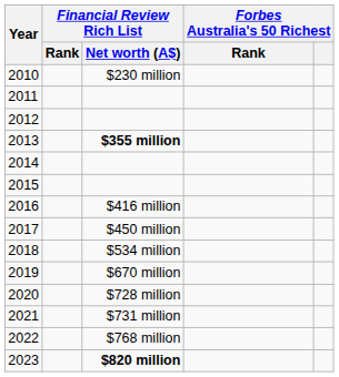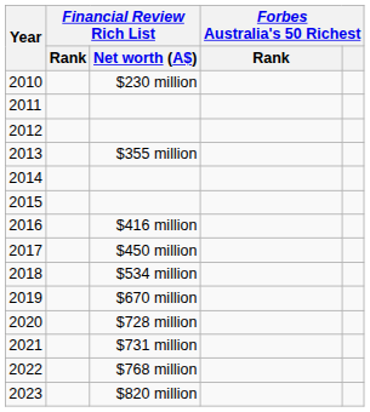 <table class="wikitable">
 <tr>
 <th rowspan=2>Year</th>
 <th colspan=2><em><a href='#'>Financial Review</a></em><br><a href='#'>Rich List</a></th>
 <th colspan=2><em><a href='#'>Forbes</a></em><br><a href='#'>Australia's 50 Richest</a></th>
 </tr>
 <tr>
 <th>Rank</th>
 <th><a href='#'>Net worth</a> (<a href='#'>A$</a>)</th>
 <th>Rank</th>
 <th></th>
 </tr>
 <tr>
 <td>2010</td>
 <td align="center"></td>
 <td align="right">$230 million</td>
 <td align="center"></td>
 <td align="right"></td>
 </tr>
 <tr>
 <td>2011</td>
 <td align="center"></td>
 <td align="right"></td>
 <td align="center"></td>
 <td align="right"></td>
 </tr>
 <tr>
 <td>2012</td>
 <td align="center"></td>
 <td align="right"></td>
 <td align="center"></td>
 <td align="right"></td>
 </tr>
 <tr>
 <td>2013</td>
 <td align="center"></td>
-<td align="right"><strong>$355 million</strong></td>
+<td align="right">$355 million</td>
 <td align="center"></td>
 <td align="right"></td>
 </tr>
 <tr>
 <td>2014</td>
 <td align="center"></td>
 <td align="right"></td>
 <td align="center"></td>
 <td align="right"></td>
 </tr>
 <tr>
 <td>2015</td>
 <td align="center"></td>
 <td align="right"></td>
 <td align="center"></td>
 <td align="right"></td>
 </tr>
 <tr>
 <td>2016</td>
 <td align="center"></td>
 <td align="right">$416 million</td>
 <td align="center"></td>
 <td align="right"></td>
 </tr>
 <tr>
 <td>2017</td>
 <td align="center"></td>
 <td align="right">$450 million </td>
 <td align="center"></td>
 <td align="right"></td>
 </tr>
 <tr>
 <td>2018</td>
 <td align="center"> </td>
 <td align="right">$534 million </td>
 <td align="center"></td>
 <td align="right"></td>
 </tr>
 <tr>
 <td>2019</td>
 <td align="center"> </td>
 <td align="right">$670 million </td>
 <td align="center"></td>
 <td align="right"></td>
 </tr>
 <tr>
 <td>2020</td>
 <td align="center"> </td>
 <td align="right">$728 million </td>
 <td align="center"></td>
 <td align="right"></td>
 </tr>
 <tr>
 <td>2021</td>
 <td align="center"></td>
 <td align="right">$731 million </td>
 <td align="center"></td>
 <td align="right"></td>
 </tr>
 <tr>
 <td>2022</td>
 <td align="center"></td>
 <td align="right">$768 million </td>
 <td align="center"></td>
 <td align="right"></td>
 </tr>
 <tr>
 <td>2023</td>
 <td align="center"></td>
-<td align="right"><strong>$820 million </strong></td>
+<td align="right">$820 million </td>
 <td align="center"></td>
 <td align="right"></td>
 </tr>
 </table>
